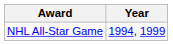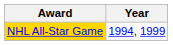 <table class="wikitable" border="1">
 <tr>
 <th>Award</th>
 <th>Year</th>
 </tr>
 <tr>
-<td><a href='#'>NHL All-Star Game</a></td>
+<td style="background: gold;"><a href='#'>NHL All-Star Game</a></td>
 <td><a href='#'>1994</a>, <a href='#'>1999</a></td>
 </tr>
 </table>
